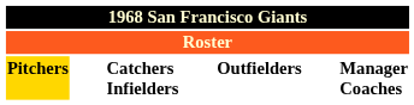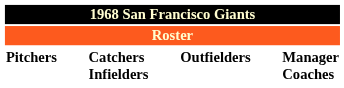 <table class="toccolours" style="font-size: 95%;">
 <tr>
 <th colspan="10" style="background-color: black; color: #FFFDD0; text-align: center;">1968 San Francisco Giants</th>
 </tr>
 <tr>
 <td colspan="10" style="background-color: #fd5a1e; color: #FFFDD0; text-align: center;"><strong>Roster</strong></td>
 </tr>
 <tr>
-<td valign="top" style="background: gold;"><strong>Pitchers</strong><br>           </td>
+<td valign="top"><strong>Pitchers</strong><br>           </td>
 <td width="25px"></td>
 <td valign="top"><strong>Catchers</strong><br>   <strong>Infielders</strong>         </td>
 <td width="25px"></td>
 <td valign="top"><strong>Outfielders</strong><br>      </td>
 <td width="25px"></td>
 <td valign="top"><strong>Manager</strong><br> <strong>Coaches</strong>    </td>
 </tr>
 <tr>
 </tr>
 </table>
